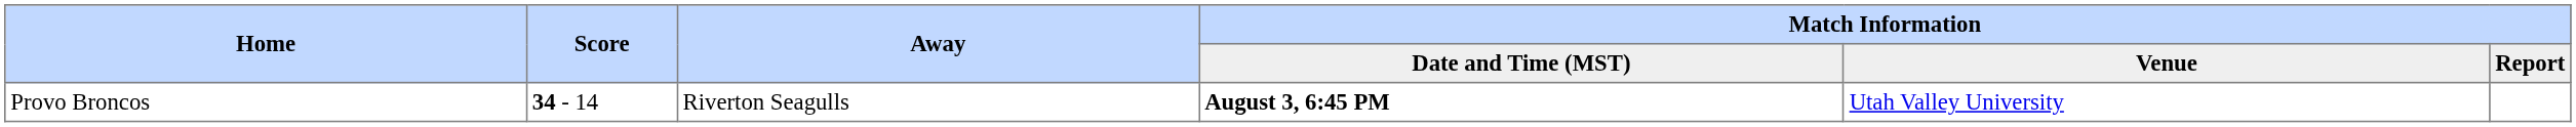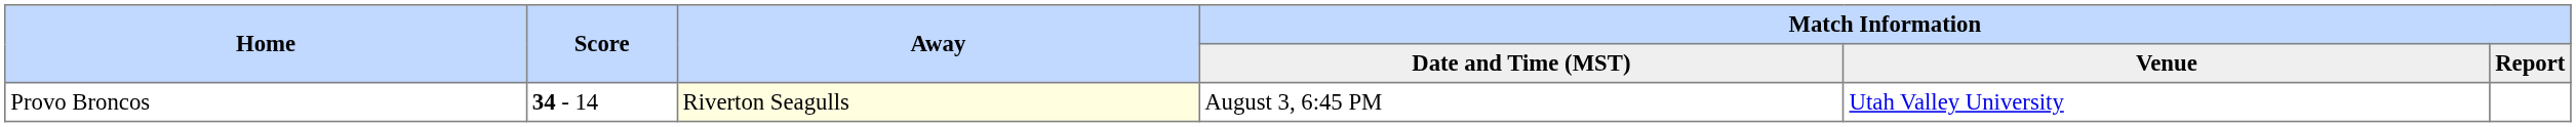 <table border="1" cellpadding="3" cellspacing="0" style="border-collapse:collapse; font-size:90%; width:100%">
 <tr style="background:#c1d8ff;">
 <th rowspan="2" style="width:21%;">Home</th>
 <th rowspan="2" style="width:6%;">Score</th>
 <th rowspan="2" style="width:21%;">Away</th>
 <th colspan="3">Match Information</th>
 </tr>
 <tr style="background:#efefef;">
 <th width="26%">Date and Time (MST)</th>
 <th width="26%">Venue</th>
 <th><strong>Report</strong></th>
 </tr>
 <tr>
 <td> Provo Broncos</td>
 <td><strong>34</strong> - 14</td>
-<td><strong></strong> Riverton Seagulls</td>
-<td><strong>August 3, 6:45 PM</strong></td>
+<td style="background: lightyellow;"><strong></strong> Riverton Seagulls</td>
+<td>August 3, 6:45 PM</td>
 <td><a href='#'>Utah Valley University</a></td>
 <td></td>
 </tr>
 </table>
